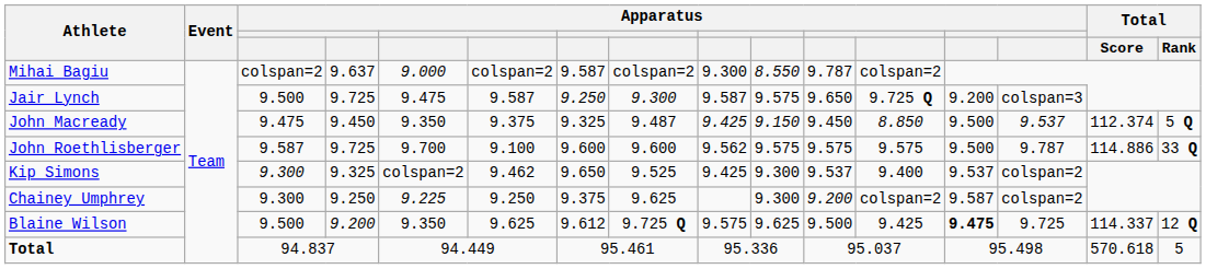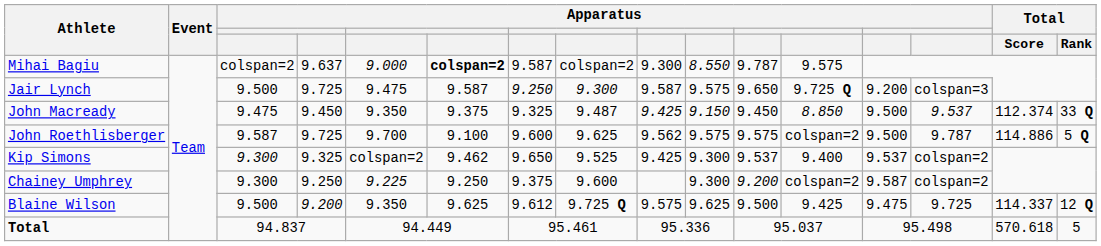 <table class=wikitable style=font-size:90%;text-align:center>
 <tr>
 <th rowspan=3>Athlete</th>
 <th rowspan=3>Event</th>
 <th colspan=12>Apparatus</th>
 <th colspan=2 rowspan=2>Total</th>
 </tr>
 <tr style=font-size:95%>
 <th colspan=2></th>
 <th colspan=2></th>
 <th colspan=2></th>
 <th colspan=2></th>
 <th colspan=2></th>
 <th colspan=2></th>
 </tr>
 <tr style=font-size:95%>
 <th></th>
 <th></th>
 <th></th>
 <th></th>
 <th></th>
 <th></th>
 <th></th>
 <th></th>
 <th></th>
 <th></th>
 <th></th>
 <th></th>
 <th>Score</th>
 <th>Rank</th>
 </tr>
 <tr>
 <td align=left><a href='#'>Mihai Bagiu</a></td>
 <td align=left rowspan=8><a href='#'>Team</a></td>
 <td>colspan=2 </td>
 <td>9.637</td>
 <td><em>9.000</em></td>
-<td>colspan=2 </td>
+<td><strong>colspan=2 </strong></td>
 <td>9.587</td>
 <td>colspan=2 </td>
 <td>9.300</td>
 <td><em>8.550</em></td>
 <td>9.787</td>
-<td>colspan=2 </td>
+<td>9.575</td>
 </tr>
 <tr>
 <td align=left><a href='#'>Jair Lynch</a></td>
 <td>9.500</td>
 <td>9.725</td>
 <td>9.475</td>
 <td>9.587</td>
 <td><em>9.250</em></td>
 <td><em>9.300</em></td>
 <td>9.587</td>
 <td>9.575</td>
 <td>9.650</td>
 <td>9.725 <strong>Q</strong></td>
 <td>9.200</td>
 <td>colspan=3 </td>
 </tr>
 <tr>
 <td align=left><a href='#'>John Macready</a></td>
 <td>9.475</td>
 <td>9.450</td>
 <td>9.350</td>
 <td>9.375</td>
 <td>9.325</td>
 <td>9.487</td>
 <td><em>9.425</em></td>
 <td><em>9.150</em></td>
 <td>9.450</td>
 <td><em>8.850</em></td>
 <td>9.500</td>
 <td><em>9.537</em></td>
 <td>112.374</td>
-<td>5 <strong>Q</strong></td>
+<td>33 <strong>Q</strong></td>
 </tr>
 <tr>
 <td align=left><a href='#'>John Roethlisberger</a></td>
 <td>9.587</td>
 <td>9.725</td>
 <td>9.700</td>
 <td>9.100</td>
 <td>9.600</td>
-<td>9.600</td>
+<td>9.625</td>
 <td>9.562</td>
 <td>9.575</td>
 <td>9.575</td>
-<td>9.575</td>
+<td>colspan=2 </td>
 <td>9.500</td>
 <td>9.787</td>
 <td>114.886</td>
-<td>33 <strong>Q</strong></td>
+<td>5 <strong>Q</strong></td>
 </tr>
 <tr>
 <td align=left><a href='#'>Kip Simons</a></td>
 <td><em>9.300</em></td>
 <td>9.325</td>
 <td>colspan=2 </td>
 <td>9.462</td>
 <td>9.650</td>
 <td>9.525</td>
 <td>9.425</td>
 <td>9.300</td>
 <td>9.537</td>
 <td>9.400</td>
 <td>9.537</td>
 <td>colspan=2 </td>
 </tr>
 <tr>
 <td align=left><a href='#'>Chainey Umphrey</a></td>
 <td>9.300</td>
 <td>9.250</td>
 <td><em>9.225</em></td>
 <td>9.250</td>
 <td>9.375</td>
-<td>9.625</td>
+<td>9.600</td>
 <td></td>
 <td>9.300</td>
 <td><em>9.200</em></td>
 <td>colspan=2 </td>
 <td>9.587</td>
 <td>colspan=2 </td>
 </tr>
 <tr>
 <td align=left><a href='#'>Blaine Wilson</a></td>
 <td>9.500</td>
 <td><em>9.200</em></td>
 <td>9.350</td>
 <td>9.625</td>
 <td>9.612</td>
 <td>9.725 <strong>Q</strong></td>
 <td>9.575</td>
 <td>9.625</td>
 <td>9.500</td>
 <td>9.425</td>
-<td><strong>9.475</strong></td>
+<td>9.475</td>
 <td>9.725</td>
 <td>114.337</td>
 <td>12 <strong>Q</strong></td>
 </tr>
 <tr>
 <td align=left><strong>Total</strong></td>
 <td colspan=2>94.837</td>
 <td colspan=2>94.449</td>
 <td colspan=2>95.461</td>
 <td colspan=2>95.336</td>
 <td colspan=2>95.037</td>
 <td colspan=2>95.498</td>
 <td>570.618</td>
 <td>5</td>
 </tr>
 </table>
